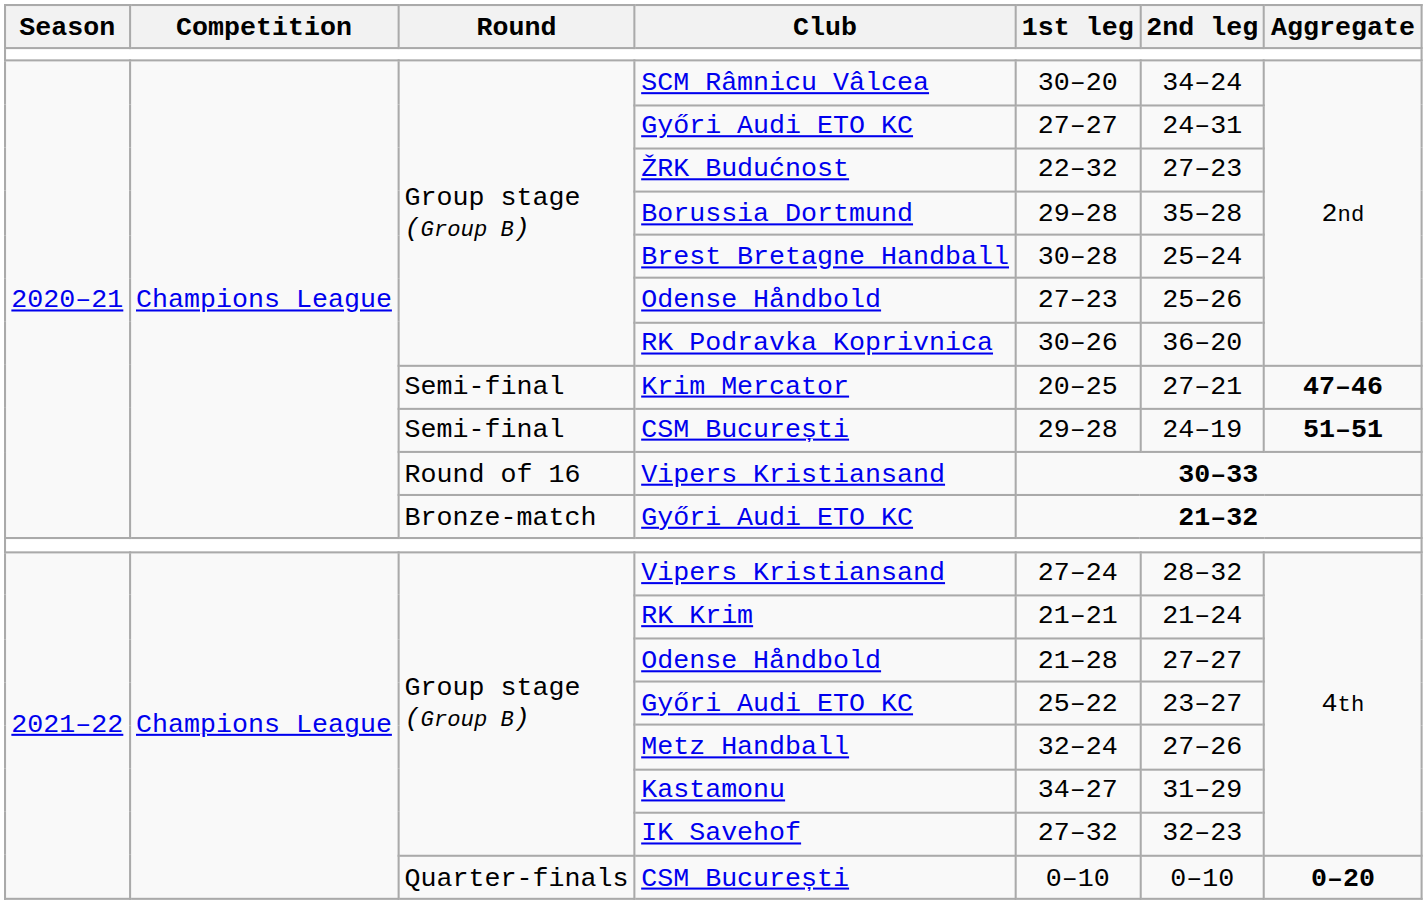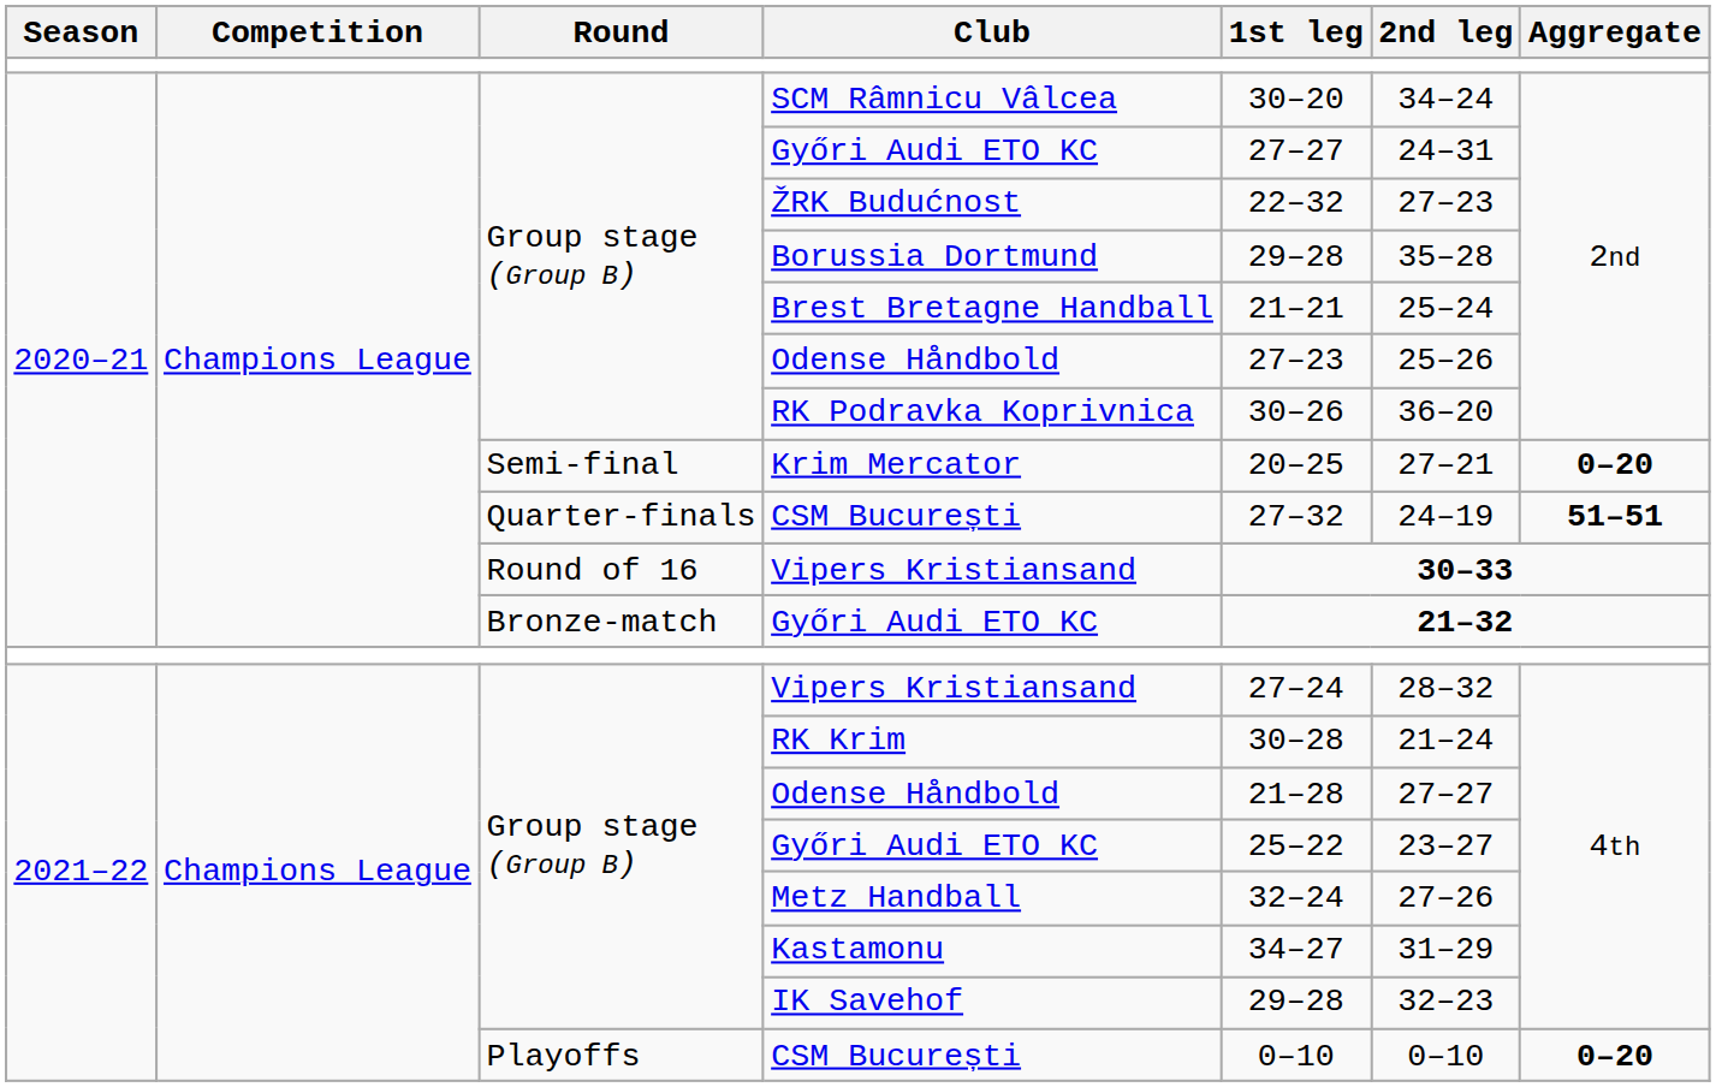 <table class="wikitable">
 <tr>
 <th>Season</th>
 <th>Competition</th>
 <th>Round</th>
 <th>Club</th>
 <th>1st leg</th>
 <th>2nd leg</th>
 <th>Aggregate</th>
 </tr>
 <tr>
 <td colspan=7 style="text-align: center;" bgcolor=white></td>
 </tr>
 <tr>
 <td rowspan=11><a href='#'>2020–21</a></td>
 <td rowspan=11><a href='#'>Champions League</a></td>
 <td rowspan=7>Group stage<br><em>(<small>Group B</small>)</em></td>
 <td> <a href='#'>SCM Râmnicu Vâlcea</a></td>
 <td style="text-align:center;">30–20</td>
 <td style="text-align:center;">34–24</td>
 <td align=center rowspan=7>2<small>nd</small></td>
 </tr>
 <tr>
 <td> <a href='#'>Győri Audi ETO KC</a></td>
 <td style="text-align:center;">27–27</td>
 <td style="text-align:center;">24–31</td>
 </tr>
 <tr>
 <td> <a href='#'>ŽRK Budućnost</a></td>
 <td style="text-align:center;">22–32</td>
 <td style="text-align:center;">27–23</td>
 </tr>
 <tr>
 <td> <a href='#'>Borussia Dortmund</a></td>
 <td style="text-align:center;">29–28</td>
 <td style="text-align:center;">35–28</td>
 </tr>
 <tr>
 <td> <a href='#'>Brest Bretagne Handball</a></td>
-<td style="text-align:center;">30–28</td>
+<td style="text-align:center;">21–21</td>
 <td style="text-align:center;">25–24</td>
 </tr>
 <tr>
 <td> <a href='#'>Odense Håndbold</a></td>
 <td style="text-align:center;">27–23</td>
 <td style="text-align:center;">25–26</td>
 </tr>
 <tr>
 <td> <a href='#'>RK Podravka Koprivnica</a></td>
 <td style="text-align:center;">30–26</td>
 <td style="text-align:center;">36–20</td>
 </tr>
 <tr>
 <td>Semi-final</td>
 <td> <a href='#'>Krim Mercator</a></td>
 <td style="text-align:center;">20–25</td>
 <td style="text-align:center;">27–21</td>
-<td style="text-align:center;"><strong>47–46</strong></td>
+<td style="text-align:center;"><strong>0–20</strong></td>
 </tr>
 <tr>
-<td>Semi-final</td>
+<td>Quarter-finals</td>
 <td> <a href='#'>CSM București</a></td>
-<td style="text-align:center;">29–28</td>
+<td style="text-align:center;">27–32</td>
 <td style="text-align:center;">24–19</td>
 <td style="text-align:center;"><strong>51–51</strong></td>
 </tr>
 <tr>
 <td>Round of 16</td>
 <td> <a href='#'>Vipers Kristiansand</a></td>
 <td colspan=3; style="text-align:center;"><strong>30–33</strong></td>
 </tr>
 <tr>
 <td>Bronze-match</td>
 <td> <a href='#'>Győri Audi ETO KC</a></td>
 <td colspan=3; style="text-align:center;"><strong>21–32</strong></td>
 </tr>
 <tr>
 <td colspan=7 style="text-align: center;" bgcolor=white></td>
 </tr>
 <tr>
 <td rowspan=8><a href='#'>2021–22</a></td>
 <td rowspan=8><a href='#'>Champions League</a></td>
 <td rowspan=7>Group stage<br><em>(<small>Group B</small>)</em></td>
 <td> <a href='#'>Vipers Kristiansand</a></td>
 <td style="text-align:center;">27–24</td>
 <td style="text-align:center;">28–32</td>
 <td align=center rowspan=7>4<small>th</small></td>
 </tr>
 <tr>
 <td> <a href='#'>RK Krim</a></td>
-<td style="text-align:center;">21–21</td>
+<td style="text-align:center;">30–28</td>
 <td style="text-align:center;">21–24</td>
 </tr>
 <tr>
 <td> <a href='#'>Odense Håndbold</a></td>
 <td style="text-align:center;">21–28</td>
 <td style="text-align:center;">27–27</td>
 </tr>
 <tr>
 <td> <a href='#'>Győri Audi ETO KC</a></td>
 <td style="text-align:center;">25–22</td>
 <td style="text-align:center;">23–27</td>
 </tr>
 <tr>
 <td> <a href='#'>Metz Handball</a></td>
 <td style="text-align:center;">32–24</td>
 <td style="text-align:center;">27–26</td>
 </tr>
 <tr>
 <td> <a href='#'>Kastamonu</a></td>
 <td style="text-align:center;">34–27</td>
 <td style="text-align:center;">31–29</td>
 </tr>
 <tr>
 <td> <a href='#'>IK Savehof</a></td>
-<td style="text-align:center;">27–32</td>
+<td style="text-align:center;">29–28</td>
 <td style="text-align:center;">32–23</td>
 </tr>
 <tr>
-<td>Quarter-finals</td>
+<td>Playoffs</td>
 <td> <a href='#'>CSM București</a></td>
 <td style="text-align:center;">0–10</td>
 <td style="text-align:center;">0–10</td>
 <td style="text-align:center;"><strong>0–20</strong></td>
 </tr>
 </table>
